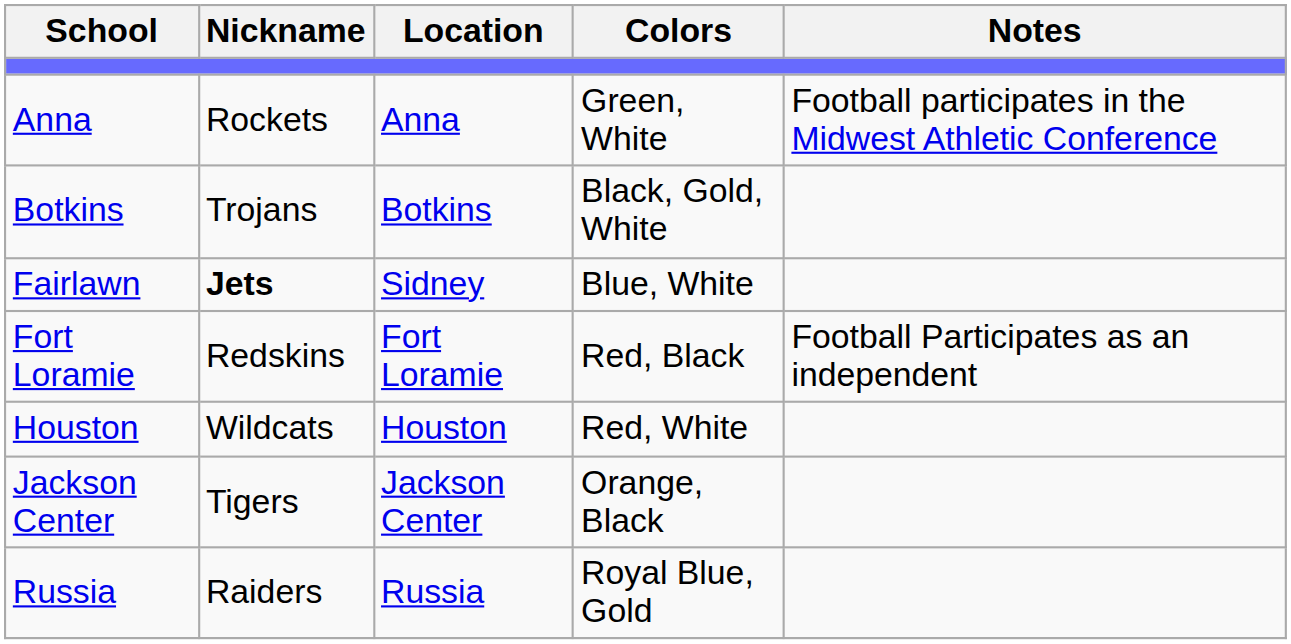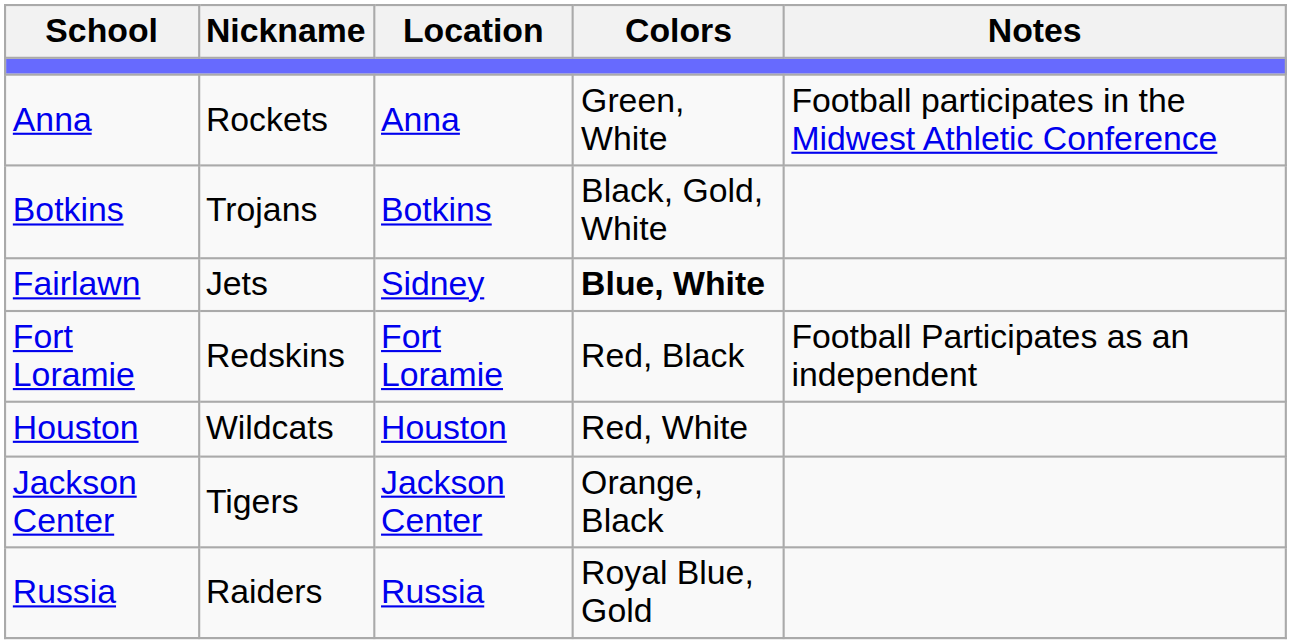 <table class="wikitable sortable">
 <tr>
 <th>School</th>
 <th>Nickname</th>
 <th>Location</th>
 <th>Colors</th>
 <th>Notes</th>
 </tr>
 <tr>
 <th colspan="7" style="background:#676AFE;"></th>
 </tr>
 <tr>
 <td><a href='#'>Anna</a></td>
 <td>Rockets</td>
 <td><a href='#'>Anna</a></td>
 <td>Green, White <br> </td>
 <td>Football participates in the <a href='#'>Midwest Athletic Conference</a></td>
 </tr>
 <tr>
 <td><a href='#'>Botkins</a></td>
 <td>Trojans</td>
 <td><a href='#'>Botkins</a></td>
 <td>Black, Gold, White <br>  </td>
 <td></td>
 </tr>
 <tr>
 <td><a href='#'>Fairlawn</a></td>
-<td><strong>Jets</strong></td>
+<td>Jets</td>
 <td><a href='#'>Sidney</a></td>
-<td>Blue, White <br> </td>
+<td><strong>Blue, White <br> </strong></td>
 <td></td>
 </tr>
 <tr>
 <td><a href='#'>Fort Loramie</a></td>
 <td>Redskins</td>
 <td><a href='#'>Fort Loramie</a></td>
 <td>Red, Black <br> </td>
 <td>Football Participates as an independent</td>
 </tr>
 <tr>
 <td><a href='#'>Houston</a></td>
 <td>Wildcats</td>
 <td><a href='#'>Houston</a></td>
 <td>Red, White <br>  </td>
 <td></td>
 </tr>
 <tr>
 <td><a href='#'>Jackson Center</a></td>
 <td>Tigers</td>
 <td><a href='#'>Jackson Center</a></td>
 <td>Orange, Black <br>  </td>
 <td></td>
 </tr>
 <tr>
 <td><a href='#'>Russia</a></td>
 <td>Raiders</td>
 <td><a href='#'>Russia</a></td>
 <td>Royal Blue, Gold <br>  </td>
 <td></td>
 </tr>
 <tr>
 </tr>
 </table>
